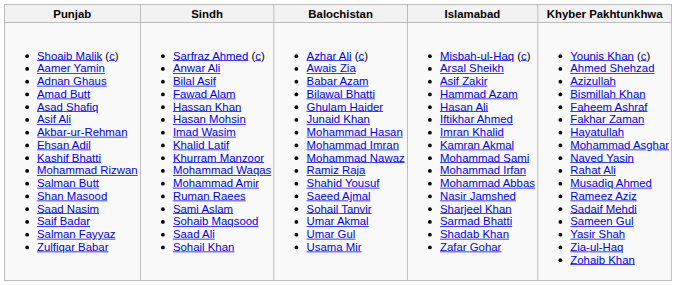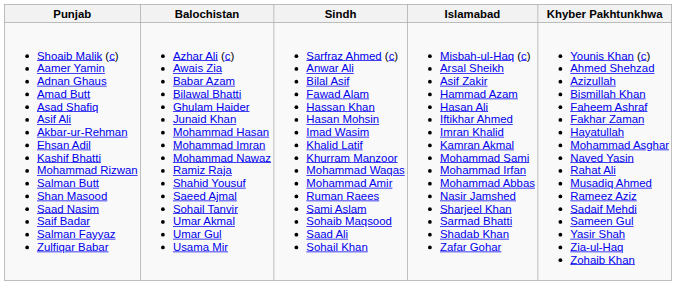 <table class="wikitable" style="text-align:left; margin:auto; font-size:95%">
 <tr>
 <th style="width=20%;">Punjab</th>
+<th style="width=20%;">Balochistan</th>
 <th style="width=20%;">Sindh</th>
-<th style="width=20%;">Balochistan</th>
 <th style="width=20%;">Islamabad</th>
 <th style="width=20%;">Khyber Pakhtunkhwa</th>
 </tr>
 <tr style="vertical-align:top">
 <td><br><ul><li><a href='#'>Shoaib Malik</a> (<a href='#'>c</a>)</li><li><a href='#'>Aamer Yamin</a></li><li><a href='#'>Adnan Ghaus</a></li><li><a href='#'>Amad Butt</a></li><li><a href='#'>Asad Shafiq</a></li><li><a href='#'>Asif Ali</a></li><li><a href='#'>Akbar-ur-Rehman</a></li><li><a href='#'>Ehsan Adil</a></li><li><a href='#'>Kashif Bhatti</a></li><li><a href='#'>Mohammad Rizwan</a></li><li><a href='#'>Salman Butt</a></li><li><a href='#'>Shan Masood</a></li><li><a href='#'>Saad Nasim</a></li><li><a href='#'>Saif Badar</a></li><li><a href='#'>Salman Fayyaz</a></li><li><a href='#'>Zulfiqar Babar</a></li></ul></td>
+<td><br><ul><li><a href='#'>Azhar Ali</a> (<a href='#'>c</a>)</li><li><a href='#'>Awais Zia</a></li><li><a href='#'>Babar Azam</a></li><li><a href='#'>Bilawal Bhatti</a></li><li><a href='#'>Ghulam Haider</a></li><li><a href='#'>Junaid Khan</a></li><li><a href='#'>Mohammad Hasan</a></li><li><a href='#'>Mohammad Imran</a></li><li><a href='#'>Mohammad Nawaz</a></li><li><a href='#'>Ramiz Raja</a></li><li><a href='#'>Shahid Yousuf</a></li><li><a href='#'>Saeed Ajmal</a></li><li><a href='#'>Sohail Tanvir</a></li><li><a href='#'>Umar Akmal</a></li><li><a href='#'>Umar Gul</a></li><li><a href='#'>Usama Mir</a></li></ul></td>
 <td><br><ul><li><a href='#'>Sarfraz Ahmed</a> (<a href='#'>c</a>)</li><li><a href='#'>Anwar Ali</a></li><li><a href='#'>Bilal Asif</a></li><li><a href='#'>Fawad Alam</a></li><li><a href='#'>Hassan Khan</a></li><li><a href='#'>Hasan Mohsin</a></li><li><a href='#'>Imad Wasim</a></li><li><a href='#'>Khalid Latif</a></li><li><a href='#'>Khurram Manzoor</a></li><li><a href='#'>Mohammad Waqas</a></li><li><a href='#'>Mohammad Amir</a></li><li><a href='#'>Ruman Raees</a></li><li><a href='#'>Sami Aslam</a></li><li><a href='#'>Sohaib Maqsood</a></li><li><a href='#'>Saad Ali</a></li><li><a href='#'>Sohail Khan</a></li></ul></td>
-<td><br><ul><li><a href='#'>Azhar Ali</a> (<a href='#'>c</a>)</li><li><a href='#'>Awais Zia</a></li><li><a href='#'>Babar Azam</a></li><li><a href='#'>Bilawal Bhatti</a></li><li><a href='#'>Ghulam Haider</a></li><li><a href='#'>Junaid Khan</a></li><li><a href='#'>Mohammad Hasan</a></li><li><a href='#'>Mohammad Imran</a></li><li><a href='#'>Mohammad Nawaz</a></li><li><a href='#'>Ramiz Raja</a></li><li><a href='#'>Shahid Yousuf</a></li><li><a href='#'>Saeed Ajmal</a></li><li><a href='#'>Sohail Tanvir</a></li><li><a href='#'>Umar Akmal</a></li><li><a href='#'>Umar Gul</a></li><li><a href='#'>Usama Mir</a></li></ul></td>
 <td><br><ul><li><a href='#'>Misbah-ul-Haq</a> (<a href='#'>c</a>)</li><li><a href='#'>Arsal Sheikh</a></li><li><a href='#'>Asif Zakir</a></li><li><a href='#'>Hammad Azam</a></li><li><a href='#'>Hasan Ali</a></li><li><a href='#'>Iftikhar Ahmed</a></li><li><a href='#'>Imran Khalid</a></li><li><a href='#'>Kamran Akmal</a></li><li><a href='#'>Mohammad Sami</a></li><li><a href='#'>Mohammad Irfan</a></li><li><a href='#'>Mohammad Abbas</a></li><li><a href='#'>Nasir Jamshed</a></li><li><a href='#'>Sharjeel Khan</a></li><li><a href='#'>Sarmad Bhatti</a></li><li><a href='#'>Shadab Khan</a></li><li><a href='#'>Zafar Gohar</a></li></ul></td>
 <td><br><ul><li><a href='#'>Younis Khan</a> (<a href='#'>c</a>)</li><li><a href='#'>Ahmed Shehzad</a></li><li><a href='#'>Azizullah</a></li><li><a href='#'>Bismillah Khan</a></li><li><a href='#'>Faheem Ashraf</a></li><li><a href='#'>Fakhar Zaman</a></li><li><a href='#'>Hayatullah</a></li><li><a href='#'>Mohammad Asghar</a></li><li><a href='#'>Naved Yasin</a></li><li><a href='#'>Rahat Ali</a></li><li><a href='#'>Musadiq Ahmed</a></li><li><a href='#'>Rameez Aziz</a></li><li><a href='#'>Sadaif Mehdi</a></li><li><a href='#'>Sameen Gul</a></li><li><a href='#'>Yasir Shah</a></li><li><a href='#'>Zia-ul-Haq</a></li><li><a href='#'>Zohaib Khan</a></li></ul></td>
 </tr>
 </table>
